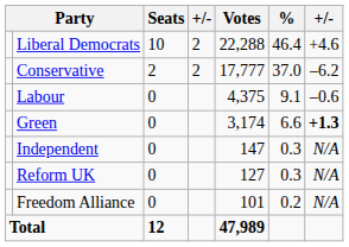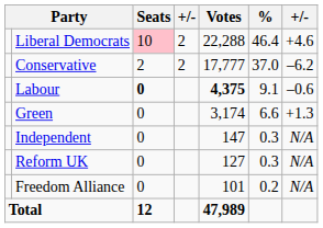 <table class="wikitable sortable">
 <tr>
 <th colspan="2">Party</th>
 <th>Seats</th>
 <th>+/-</th>
 <th>Votes</th>
 <th>%</th>
 <th>+/-</th>
 </tr>
 <tr>
 <td style="background-color: "></td>
 <td><a href='#'>Liberal Democrats</a></td>
-<td>10</td>
+<td style="background: pink;">10</td>
 <td> 2</td>
 <td style="text-align:right;">22,288</td>
 <td style="text-align:right;">46.4</td>
 <td style="text-align:right;">+4.6</td>
 </tr>
 <tr>
 <td style="background-color: "></td>
 <td><a href='#'>Conservative</a></td>
 <td>2</td>
 <td> 2</td>
 <td style="text-align:right;">17,777</td>
 <td style="text-align:right;">37.0</td>
 <td style="text-align:right;">–6.2</td>
 </tr>
 <tr>
 <td style="background-color: "></td>
 <td><a href='#'>Labour</a></td>
-<td>0</td>
+<td><strong>0</strong></td>
 <td></td>
-<td style="text-align:right;">4,375</td>
+<td style="text-align:right;"><strong>4,375</strong></td>
 <td style="text-align:right;">9.1</td>
 <td style="text-align:right;">–0.6</td>
 </tr>
 <tr>
 <td style="background-color: "></td>
 <td><a href='#'>Green</a></td>
 <td>0</td>
 <td></td>
 <td style="text-align:right;">3,174</td>
 <td style="text-align:right;">6.6</td>
-<td style="text-align:right;"><strong>+1.3</strong></td>
+<td style="text-align:right;">+1.3</td>
 </tr>
 <tr>
 <td style="background-color: "></td>
 <td><a href='#'>Independent</a></td>
 <td>0</td>
 <td></td>
 <td style="text-align:right;">147</td>
 <td style="text-align:right;">0.3</td>
 <td style="text-align:right;"><em>N/A</em></td>
 </tr>
 <tr>
 <td style="background-color: "></td>
 <td><a href='#'>Reform UK</a></td>
 <td>0</td>
 <td></td>
 <td style="text-align:right;">127</td>
 <td style="text-align:right;">0.3</td>
 <td style="text-align:right;"><em>N/A</em></td>
 </tr>
 <tr>
 <td style="background-color: "></td>
 <td>Freedom Alliance</td>
 <td>0</td>
 <td></td>
 <td style="text-align:right;">101</td>
 <td style="text-align:right;">0.2</td>
 <td style="text-align:right;"><em>N/A</em></td>
 </tr>
 <tr>
 <td colspan="2"><strong>Total</strong></td>
 <td><strong>12</strong></td>
 <td></td>
 <td style="text-align:right;"><strong>47,989</strong></td>
 <td style="text-align:right;"></td>
 <td style="text-align:right;"></td>
 </tr>
 </table>
